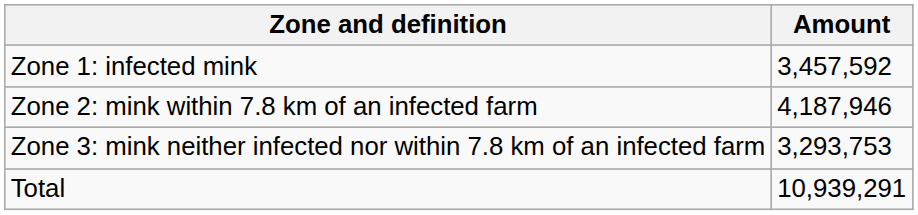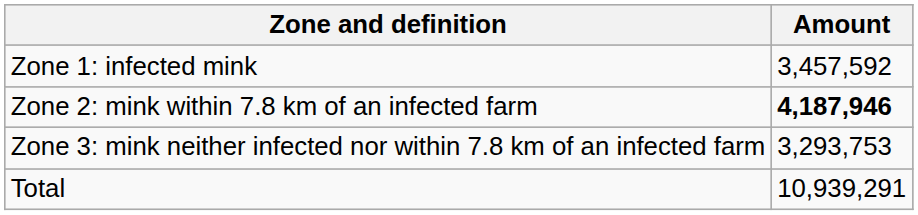 <table class="wikitable">
 <tr>
 <th>Zone and definition</th>
 <th>Amount</th>
 </tr>
 <tr>
 <td>Zone 1: infected mink</td>
 <td>3,457,592</td>
 </tr>
 <tr>
 <td>Zone 2: mink within 7.8 km of an infected farm</td>
-<td>4,187,946</td>
+<td><strong>4,187,946</strong></td>
 </tr>
 <tr>
 <td>Zone 3: mink neither infected nor within 7.8 km of an infected farm</td>
 <td>3,293,753</td>
 </tr>
 <tr>
 <td>Total</td>
 <td>10,939,291</td>
 </tr>
 </table>
